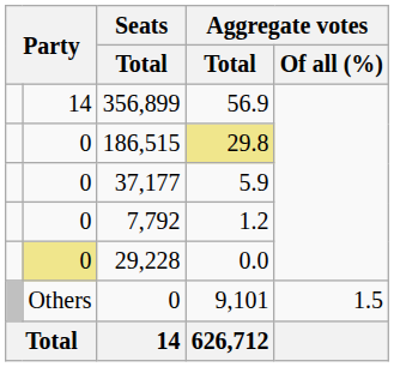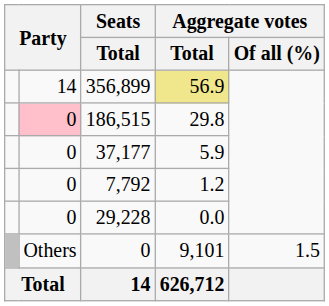 <table class="wikitable" style="text-align:right; font-size:95%;">
 <tr>
 <th colspan="2" rowspan="2">Party</th>
 <th>Seats</th>
 <th colspan="2">Aggregate votes</th>
 </tr>
 <tr>
 <th>Total</th>
 <th>Total</th>
 <th>Of all (%)</th>
 </tr>
 <tr>
 <td></td>
 <td>14</td>
 <td>356,899</td>
-<td>56.9</td>
+<td style="background: khaki;">56.9</td>
 </tr>
 <tr>
 <td></td>
-<td>0</td>
+<td style="background: pink;">0</td>
 <td>186,515</td>
-<td style="background: khaki;">29.8</td>
+<td>29.8</td>
 </tr>
 <tr>
 <td></td>
 <td>0</td>
 <td>37,177</td>
 <td>5.9</td>
 </tr>
 <tr>
 <td></td>
 <td>0</td>
 <td>7,792</td>
 <td>1.2</td>
 </tr>
 <tr>
 <td></td>
-<td style="background: khaki;">0</td>
+<td>0</td>
 <td>29,228</td>
 <td>0.0</td>
 </tr>
 <tr>
 <td style="background:silver;"> </td>
 <td align=left>Others</td>
 <td>0</td>
 <td>9,101</td>
 <td>1.5</td>
 </tr>
 <tr>
 <th colspan="2" style="background:#f2f2f2"><strong>Total</strong></th>
 <td style="background:#f2f2f2;"><strong>14</strong></td>
 <td style="background:#f2f2f2;"><strong>626,712</strong></td>
 <td style="background:#f2f2f2;"></td>
 </tr>
 </table>
